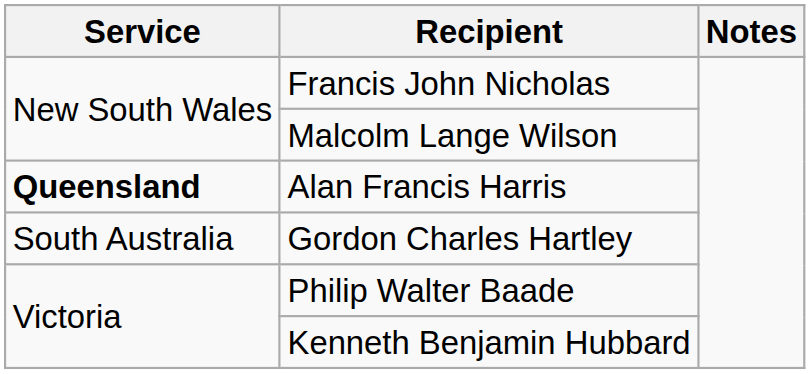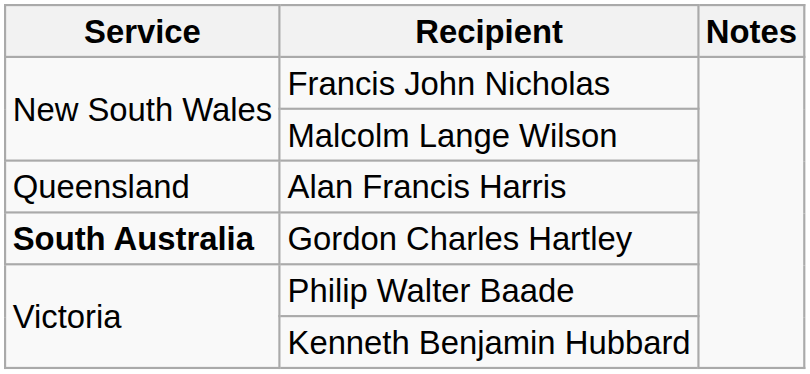 <table class="wikitable" style="font-size:95%;">
 <tr>
 <th>Service</th>
 <th>Recipient</th>
 <th>Notes</th>
 </tr>
 <tr>
 <td rowspan=2>New South Wales</td>
 <td>Francis John Nicholas</td>
 <td rowspan=6></td>
 </tr>
 <tr>
 <td> Malcolm Lange Wilson</td>
 </tr>
 <tr>
-<td><strong>Queensland</strong></td>
+<td>Queensland</td>
 <td>Alan Francis Harris</td>
 </tr>
 <tr>
-<td>South Australia</td>
+<td><strong>South Australia</strong></td>
 <td>Gordon Charles Hartley</td>
 </tr>
 <tr>
 <td rowspan=2>Victoria</td>
 <td>Philip Walter Baade</td>
 </tr>
 <tr>
 <td>Kenneth Benjamin Hubbard</td>
 </tr>
 </table>
